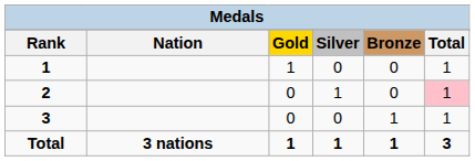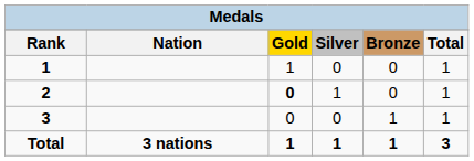 <table class="wikitable" style="text-align:center">
 <tr>
 <td colspan="6" style="background:#BCD4E6"><strong>Medals</strong></td>
 </tr>
 <tr>
 </tr>
 <tr style="background-color:#EDEDED;">
 <th width="75px" class="hintergrundfarbe5">Rank</th>
 <th width="175px" class="hintergrundfarbe6">Nation</th>
 <th style="background:    gold; width:35px ">Gold</th>
 <th style="background:  silver; width:35px ">Silver</th>
 <th style="background: #CC9966; width:35px ">Bronze</th>
 <th width="35px">Total</th>
 </tr>
 <tr>
 <td><strong>1</strong></td>
 <td align="left"></td>
 <td>1</td>
 <td>0</td>
 <td>0</td>
 <td>1</td>
 </tr>
 <tr>
 <td><strong>2</strong></td>
 <td align="left"></td>
+<td><strong>0</strong></td>
+<td>1</td>
 <td>0</td>
 <td>1</td>
-<td>0</td>
-<td style="background: pink;">1</td>
 </tr>
 <tr>
 <td><strong>3</strong></td>
 <td align="left"></td>
 <td>0</td>
 <td>0</td>
 <td>1</td>
 <td>1</td>
 </tr>
 <tr>
 <td><strong>Total</strong></td>
 <td><strong>3 nations</strong></td>
 <td><strong>1</strong></td>
 <td><strong>1</strong></td>
 <td><strong>1</strong></td>
 <td><strong>3</strong></td>
 </tr>
 </table>
